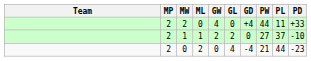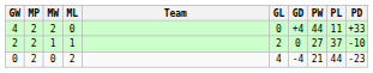 <table class=wikitable style="text-align:center">
 <tr>
-<th width=250>Team</th>
+<th width=20>GW</th>
 <th width=20>MP</th>
 <th width=20>MW</th>
 <th width=20>ML</th>
-<th width=20>GW</th>
+<th width=250>Team</th>
 <th width=20>GL</th>
 <th width=20>GD</th>
 <th width=20>PW</th>
 <th width=20>PL</th>
 <th width=20>PD</th>
 </tr>
 <tr style="background:#cfc;">
-<td align=left><br></td>
+<td>4</td>
 <td>2</td>
 <td>2</td>
 <td>0</td>
-<td>4</td>
+<td align=left><br></td>
 <td>0</td>
 <td>+4</td>
 <td>44</td>
 <td>11</td>
 <td>+33</td>
 </tr>
 <tr style="background:#cfc;">
-<td align=left><br></td>
+<td>2</td>
 <td>2</td>
 <td>1</td>
 <td>1</td>
-<td>2</td>
+<td align=left><br></td>
 <td>2</td>
 <td>0</td>
 <td>27</td>
 <td>37</td>
 <td>-10</td>
 </tr>
 <tr>
-<td align=left><br></td>
+<td>0</td>
 <td>2</td>
 <td>0</td>
 <td>2</td>
-<td>0</td>
+<td align=left><br></td>
 <td>4</td>
 <td>-4</td>
 <td>21</td>
 <td>44</td>
 <td>-23</td>
 </tr>
 </table>
